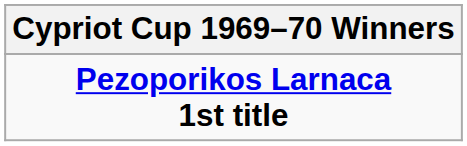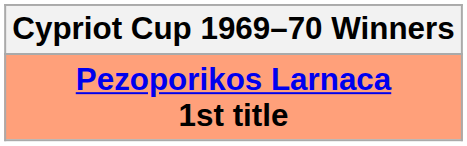 <table class="wikitable" style="text-align:center;margin: 0 auto;">
 <tr>
 <th>Cypriot Cup 1969–70 Winners</th>
 </tr>
 <tr>
 </tr>
 <tr>
-<td><strong><a href='#'>Pezoporikos Larnaca</a></strong><br><strong>1st title</strong></td>
+<td style="background: lightsalmon;"><strong><a href='#'>Pezoporikos Larnaca</a></strong><br><strong>1st title</strong></td>
 </tr>
 </table>
